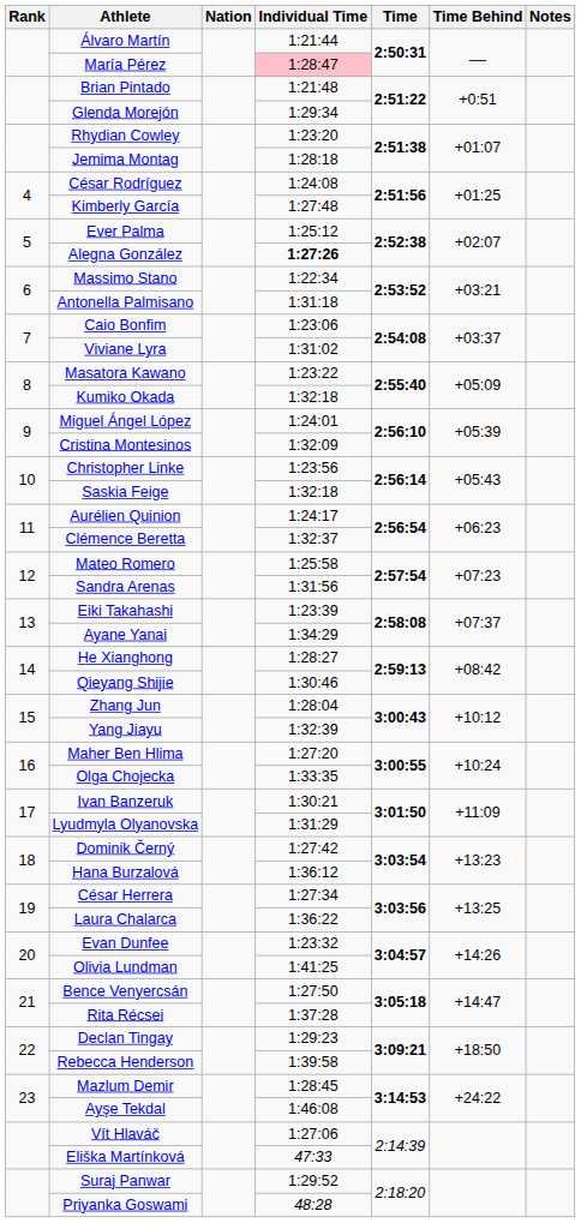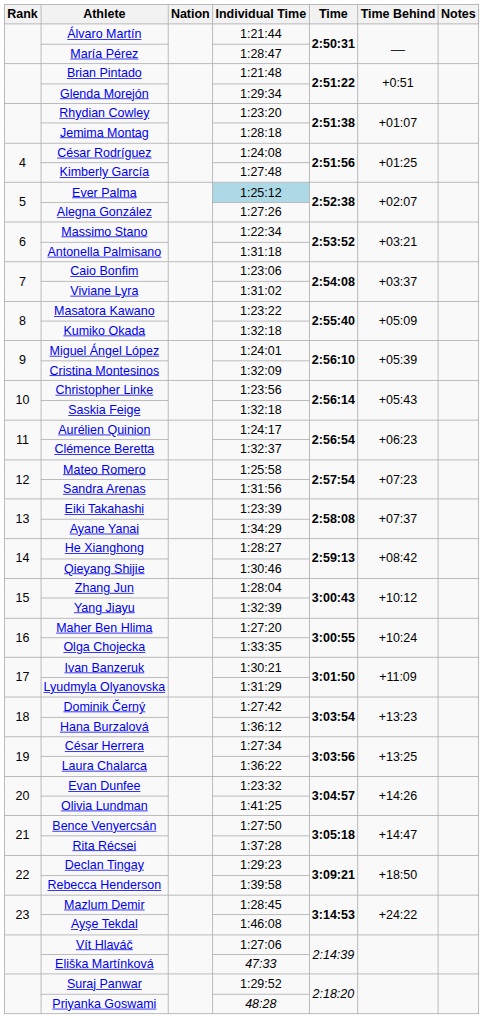 <table class="wikitable sortable" style="text-align:center">
 <tr>
 <th>Rank</th>
 <th>Athlete</th>
 <th>Nation</th>
 <th>Individual Time</th>
 <th>Time</th>
 <th>Time Behind</th>
 <th>Notes</th>
 </tr>
 <tr>
 <td rowspan=2></td>
 <td><a href='#'>Álvaro Martín</a></td>
 <td rowspan=2></td>
 <td>1:21:44</td>
 <td rowspan=2><strong>2:50:31</strong></td>
 <td rowspan=2>__</td>
 <td rowspan=2> </td>
 </tr>
 <tr>
 <td><a href='#'>María Pérez</a></td>
-<td style="background: pink;">1:28:47</td>
+<td>1:28:47</td>
 </tr>
 <tr>
 <td rowspan=2></td>
 <td><a href='#'>Brian Pintado</a></td>
 <td rowspan=2></td>
 <td>1:21:48</td>
 <td rowspan=2><strong>2:51:22</strong></td>
 <td rowspan=2>+0:51</td>
 <td rowspan=2></td>
 </tr>
 <tr>
 <td><a href='#'>Glenda Morejón</a></td>
 <td>1:29:34</td>
 </tr>
 <tr>
 <td rowspan=2></td>
 <td><a href='#'>Rhydian Cowley</a></td>
 <td rowspan=2></td>
 <td>1:23:20</td>
 <td rowspan=2><strong>2:51:38</strong></td>
 <td rowspan=2>+01:07</td>
 <td rowspan=2></td>
 </tr>
 <tr>
 <td><a href='#'>Jemima Montag</a></td>
 <td>1:28:18</td>
 </tr>
 <tr>
 <td rowspan=2>4</td>
 <td><a href='#'>César Rodríguez</a></td>
 <td rowspan=2></td>
 <td>1:24:08</td>
 <td rowspan=2><strong>2:51:56</strong></td>
 <td rowspan=2>+01:25</td>
 <td rowspan=2></td>
 </tr>
 <tr>
 <td><a href='#'>Kimberly García</a></td>
 <td>1:27:48</td>
 </tr>
 <tr>
 <td rowspan=2>5</td>
 <td><a href='#'>Ever Palma</a></td>
 <td rowspan=2></td>
-<td>1:25:12</td>
+<td style="background: lightblue;">1:25:12</td>
 <td rowspan=2><strong>2:52:38</strong></td>
 <td rowspan=2>+02:07</td>
 <td rowspan=2></td>
 </tr>
 <tr>
 <td><a href='#'>Alegna González</a></td>
-<td><strong>1:27:26</strong></td>
+<td>1:27:26</td>
 </tr>
 <tr>
 <td rowspan=2>6</td>
 <td><a href='#'>Massimo Stano</a></td>
 <td rowspan=2></td>
 <td>1:22:34</td>
 <td rowspan=2><strong>2:53:52</strong></td>
 <td rowspan=2>+03:21</td>
 <td rowspan=2></td>
 </tr>
 <tr>
 <td><a href='#'>Antonella Palmisano</a></td>
 <td>1:31:18</td>
 </tr>
 <tr>
 <td rowspan=2>7</td>
 <td><a href='#'>Caio Bonfim</a></td>
 <td rowspan=2></td>
 <td>1:23:06</td>
 <td rowspan=2><strong>2:54:08</strong></td>
 <td rowspan=2>+03:37</td>
 <td rowspan=2></td>
 </tr>
 <tr>
 <td><a href='#'>Viviane Lyra</a></td>
 <td>1:31:02</td>
 </tr>
 <tr>
 <td rowspan=2>8</td>
 <td><a href='#'>Masatora Kawano</a></td>
 <td rowspan=2></td>
 <td>1:23:22</td>
 <td rowspan=2><strong>2:55:40</strong></td>
 <td rowspan=2>+05:09</td>
 <td rowspan=2></td>
 </tr>
 <tr>
 <td><a href='#'>Kumiko Okada</a></td>
 <td>1:32:18</td>
 </tr>
 <tr>
 <td rowspan=2>9</td>
 <td><a href='#'>Miguel Ángel López</a></td>
 <td rowspan=2></td>
 <td>1:24:01</td>
 <td rowspan=2><strong>2:56:10</strong></td>
 <td rowspan=2>+05:39</td>
 <td rowspan=2></td>
 </tr>
 <tr>
 <td><a href='#'>Cristina Montesinos</a></td>
 <td>1:32:09</td>
 </tr>
 <tr>
 <td rowspan=2>10</td>
 <td><a href='#'>Christopher Linke</a></td>
 <td rowspan=2></td>
 <td>1:23:56</td>
 <td rowspan=2><strong>2:56:14</strong></td>
 <td rowspan=2>+05:43</td>
 <td rowspan=2></td>
 </tr>
 <tr>
 <td><a href='#'>Saskia Feige</a></td>
 <td>1:32:18</td>
 </tr>
 <tr>
 <td rowspan=2>11</td>
 <td><a href='#'>Aurélien Quinion</a></td>
 <td rowspan=2></td>
 <td>1:24:17</td>
 <td rowspan=2><strong>2:56:54</strong></td>
 <td rowspan=2>+06:23</td>
 <td rowspan=2></td>
 </tr>
 <tr>
 <td><a href='#'>Clémence Beretta</a></td>
 <td>1:32:37</td>
 </tr>
 <tr>
 <td rowspan=2>12</td>
 <td><a href='#'>Mateo Romero</a></td>
 <td rowspan=2></td>
 <td>1:25:58</td>
 <td rowspan=2><strong>2:57:54</strong></td>
 <td rowspan=2>+07:23</td>
 <td rowspan=2></td>
 </tr>
 <tr>
 <td><a href='#'>Sandra Arenas</a></td>
 <td>1:31:56</td>
 </tr>
 <tr>
 <td rowspan=2>13</td>
 <td><a href='#'>Eiki Takahashi</a></td>
 <td rowspan=2></td>
 <td>1:23:39</td>
 <td rowspan=2><strong>2:58:08</strong></td>
 <td rowspan=2>+07:37</td>
 <td rowspan=2></td>
 </tr>
 <tr>
 <td><a href='#'>Ayane Yanai</a></td>
 <td>1:34:29</td>
 </tr>
 <tr>
 <td rowspan=2>14</td>
 <td><a href='#'>He Xianghong</a></td>
 <td rowspan=2></td>
 <td>1:28:27</td>
 <td rowspan=2><strong>2:59:13</strong></td>
 <td rowspan=2>+08:42</td>
 <td rowspan=2></td>
 </tr>
 <tr>
 <td><a href='#'>Qieyang Shijie</a></td>
 <td>1:30:46</td>
 </tr>
 <tr>
 <td rowspan=2>15</td>
 <td><a href='#'>Zhang Jun</a></td>
 <td rowspan=2></td>
 <td>1:28:04</td>
 <td rowspan=2><strong>3:00:43</strong></td>
 <td rowspan=2>+10:12</td>
 <td rowspan=2></td>
 </tr>
 <tr>
 <td><a href='#'>Yang Jiayu</a></td>
 <td>1:32:39</td>
 </tr>
 <tr>
 <td rowspan=2>16</td>
 <td><a href='#'>Maher Ben Hlima</a></td>
 <td rowspan=2></td>
 <td>1:27:20</td>
 <td rowspan=2><strong>3:00:55</strong></td>
 <td rowspan=2>+10:24</td>
 <td rowspan=2></td>
 </tr>
 <tr>
 <td><a href='#'>Olga Chojecka</a></td>
 <td>1:33:35</td>
 </tr>
 <tr>
 <td rowspan=2>17</td>
 <td><a href='#'>Ivan Banzeruk</a></td>
 <td rowspan=2></td>
 <td>1:30:21</td>
 <td rowspan=2><strong>3:01:50</strong></td>
 <td rowspan=2>+11:09</td>
 <td rowspan=2></td>
 </tr>
 <tr>
 <td><a href='#'>Lyudmyla Olyanovska</a></td>
 <td>1:31:29</td>
 </tr>
 <tr>
 <td rowspan=2>18</td>
 <td><a href='#'>Dominik Černý</a></td>
 <td rowspan=2></td>
 <td>1:27:42</td>
 <td rowspan=2><strong>3:03:54</strong></td>
 <td rowspan=2>+13:23</td>
 <td rowspan=2></td>
 </tr>
 <tr>
 <td><a href='#'>Hana Burzalová</a></td>
 <td>1:36:12</td>
 </tr>
 <tr>
 <td rowspan=2>19</td>
 <td><a href='#'>César Herrera</a></td>
 <td rowspan=2></td>
 <td>1:27:34</td>
 <td rowspan=2><strong>3:03:56</strong></td>
 <td rowspan=2>+13:25</td>
 <td rowspan=2></td>
 </tr>
 <tr>
 <td><a href='#'>Laura Chalarca</a></td>
 <td>1:36:22</td>
 </tr>
 <tr>
 <td rowspan=2>20</td>
 <td><a href='#'>Evan Dunfee</a></td>
 <td rowspan=2></td>
 <td>1:23:32</td>
 <td rowspan=2><strong>3:04:57</strong></td>
 <td rowspan=2>+14:26</td>
 <td rowspan=2></td>
 </tr>
 <tr>
 <td><a href='#'>Olivia Lundman</a></td>
 <td>1:41:25</td>
 </tr>
 <tr>
 <td rowspan=2>21</td>
 <td><a href='#'>Bence Venyercsán</a></td>
 <td rowspan=2></td>
 <td>1:27:50</td>
 <td rowspan=2><strong>3:05:18</strong></td>
 <td rowspan=2>+14:47</td>
 <td rowspan=2></td>
 </tr>
 <tr>
 <td><a href='#'>Rita Récsei</a></td>
 <td>1:37:28</td>
 </tr>
 <tr>
 <td rowspan=2>22</td>
 <td><a href='#'>Declan Tingay</a></td>
 <td rowspan=2></td>
 <td>1:29:23</td>
 <td rowspan=2><strong>3:09:21</strong></td>
 <td rowspan=2>+18:50</td>
 <td rowspan=2></td>
 </tr>
 <tr>
 <td><a href='#'>Rebecca Henderson</a></td>
 <td>1:39:58</td>
 </tr>
 <tr>
 <td rowspan=2>23</td>
 <td><a href='#'>Mazlum Demir</a></td>
 <td rowspan=2></td>
 <td>1:28:45</td>
 <td rowspan=2><strong>3:14:53</strong></td>
 <td rowspan=2>+24:22</td>
 <td rowspan=2></td>
 </tr>
 <tr>
 <td><a href='#'>Ayşe Tekdal</a></td>
 <td>1:46:08</td>
 </tr>
 <tr>
 <td rowspan=2></td>
 <td><a href='#'>Vít Hlaváč</a></td>
 <td rowspan=2></td>
 <td>1:27:06</td>
 <td rowspan=2><em>2:14:39</em></td>
 <td rowspan=2></td>
 <td rowspan=2></td>
 </tr>
 <tr>
 <td><a href='#'>Eliška Martínková</a></td>
 <td><em>47:33</em></td>
 </tr>
 <tr>
 <td rowspan=2></td>
 <td><a href='#'>Suraj Panwar</a></td>
 <td rowspan=2></td>
 <td>1:29:52</td>
 <td rowspan=2><em>2:18:20</em></td>
 <td rowspan=2></td>
 <td rowspan=2>  </td>
 </tr>
 <tr>
 <td><a href='#'>Priyanka Goswami</a></td>
 <td><em>48:28</em></td>
 </tr>
 </table>
